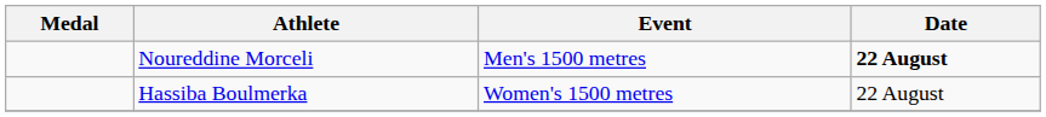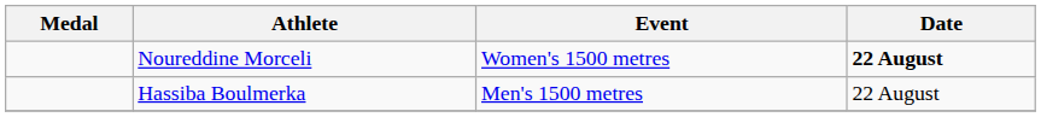 <table class=wikitable style=font-size:90% width=55%>
 <tr>
 <th>Medal</th>
 <th>Athlete</th>
 <th>Event</th>
 <th>Date</th>
 </tr>
 <tr>
 <td></td>
 <td><a href='#'>Noureddine Morceli</a></td>
-<td><a href='#'>Men's 1500 metres</a></td>
+<td><a href='#'>Women's 1500 metres</a></td>
 <td><strong>22 August</strong></td>
 </tr>
 <tr>
 <td></td>
 <td><a href='#'>Hassiba Boulmerka</a></td>
-<td><a href='#'>Women's 1500 metres</a></td>
+<td><a href='#'>Men's 1500 metres</a></td>
 <td>22 August</td>
 </tr>
 <tr>
 </tr>
 </table>
